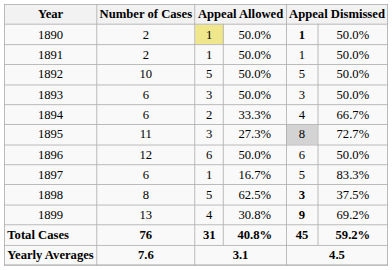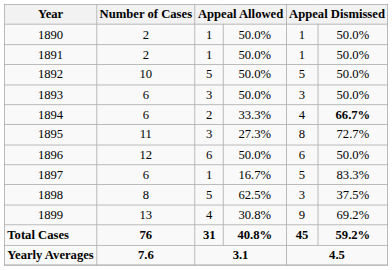 <table class="wikitable sortable">
 <tr>
 <th>Year</th>
 <th>Number of Cases</th>
 <th colspan=2>Appeal Allowed</th>
 <th colspan=2>Appeal Dismissed</th>
 </tr>
 <tr>
 <td style="text-align: center;">1890</td>
 <td style="text-align: center;">2</td>
-<td style="background: khaki; text-align: center;">1</td>
+<td style="text-align: center;">1</td>
 <td style="text-align: center;">50.0%</td>
-<td style="text-align: center;"><strong>1</strong></td>
+<td style="text-align: center;">1</td>
 <td style="text-align: center;">50.0%</td>
 </tr>
 <tr>
 <td style="text-align: center;">1891</td>
 <td style="text-align: center;">2</td>
 <td style="text-align: center;">1</td>
 <td style="text-align: center;">50.0%</td>
 <td style="text-align: center;">1</td>
 <td style="text-align: center;">50.0%</td>
 </tr>
 <tr>
 <td style="text-align: center;">1892</td>
 <td style="text-align: center;">10</td>
 <td style="text-align: center;">5</td>
 <td style="text-align: center;">50.0%</td>
 <td style="text-align: center;">5</td>
 <td style="text-align: center;">50.0%</td>
 </tr>
 <tr>
 <td style="text-align: center;">1893</td>
 <td style="text-align: center;">6</td>
 <td style="text-align: center;">3</td>
 <td style="text-align: center;">50.0%</td>
 <td style="text-align: center;">3</td>
 <td style="text-align: center;">50.0%</td>
 </tr>
 <tr>
 <td style="text-align: center;">1894</td>
 <td style="text-align: center;">6</td>
 <td style="text-align: center;">2</td>
 <td style="text-align: center;">33.3%</td>
 <td style="text-align: center;">4</td>
-<td style="text-align: center;">66.7%</td>
+<td style="text-align: center;"><strong>66.7%</strong></td>
 </tr>
 <tr>
 <td style="text-align: center;">1895</td>
 <td style="text-align: center;">11</td>
 <td style="text-align: center;">3</td>
 <td style="text-align: center;">27.3%</td>
-<td style="background: lightgrey; text-align: center;">8</td>
+<td style="text-align: center;">8</td>
 <td style="text-align: center;">72.7%</td>
 </tr>
 <tr>
 <td style="text-align: center;">1896</td>
 <td style="text-align: center;">12</td>
 <td style="text-align: center;">6</td>
 <td style="text-align: center;">50.0%</td>
 <td style="text-align: center;">6</td>
 <td style="text-align: center;">50.0%</td>
 </tr>
 <tr>
 <td style="text-align: center;">1897</td>
 <td style="text-align: center;">6</td>
 <td style="text-align: center;">1</td>
 <td style="text-align: center;">16.7%</td>
 <td style="text-align: center;">5</td>
 <td style="text-align: center;">83.3%</td>
 </tr>
 <tr>
 <td style="text-align: center;">1898</td>
 <td style="text-align: center;">8</td>
 <td style="text-align: center;">5</td>
 <td style="text-align: center;">62.5%</td>
-<td style="text-align: center;"><strong>3</strong></td>
+<td style="text-align: center;">3</td>
 <td style="text-align: center;">37.5%</td>
 </tr>
 <tr>
 <td style="text-align: center;">1899</td>
 <td style="text-align: center;">13</td>
 <td style="text-align: center;">4</td>
 <td style="text-align: center;">30.8%</td>
-<td style="text-align: center;"><strong>9</strong></td>
+<td style="text-align: center;">9</td>
 <td style="text-align: center;">69.2%</td>
 </tr>
 <tr>
 <td><strong>Total Cases</strong></td>
 <td style="text-align: center;"><strong>76</strong></td>
 <td style="text-align: center;"><strong>31</strong></td>
 <td style="text-align: center;"><strong>40.8%</strong></td>
 <td style="text-align: center;"><strong>45</strong></td>
 <td style="text-align: center;"><strong>59.2%</strong></td>
 </tr>
 <tr>
 <td><strong>Yearly Averages</strong></td>
 <td style="text-align: center;"><strong>7.6</strong></td>
 <td colspan=2 style="text-align:center;"><strong>3.1</strong></td>
 <td colspan=2 style="text-align:center;"><strong>4.5</strong></td>
 </tr>
 <tr>
 </tr>
 </table>
